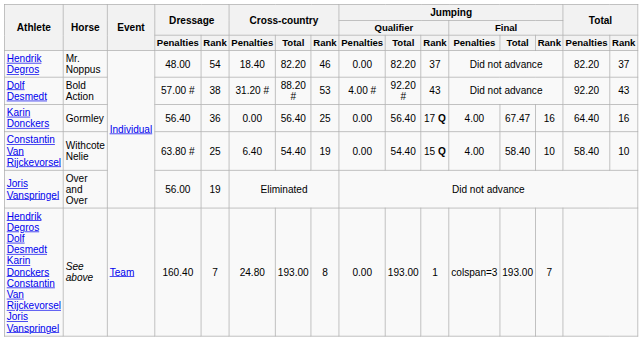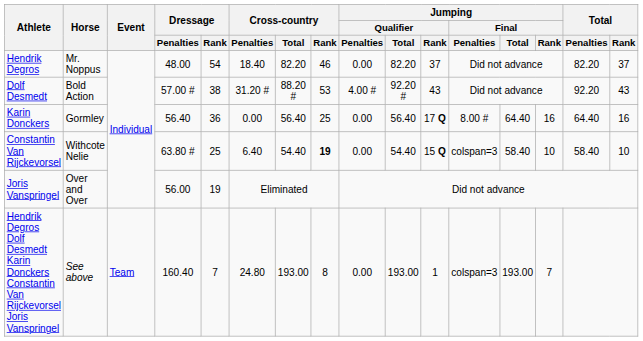 <table class=wikitable style="font-size:90%">
 <tr>
 <th rowspan="3">Athlete</th>
 <th rowspan="3">Horse</th>
 <th rowspan="3">Event</th>
 <th colspan="2" rowspan="2">Dressage</th>
 <th colspan="3" rowspan="2">Cross-country</th>
 <th colspan="6">Jumping</th>
 <th colspan="2" rowspan="2">Total</th>
 </tr>
 <tr style="font-size:95%">
 <th colspan="3">Qualifier</th>
 <th colspan="3">Final</th>
 </tr>
 <tr style="font-size:95%">
 <th>Penalties</th>
 <th>Rank</th>
 <th>Penalties</th>
 <th>Total</th>
 <th>Rank</th>
 <th>Penalties</th>
 <th>Total</th>
 <th>Rank</th>
 <th>Penalties</th>
 <th>Total</th>
 <th>Rank</th>
 <th>Penalties</th>
 <th>Rank</th>
 </tr>
 <tr align=center>
 <td align=left><a href='#'>Hendrik Degros</a></td>
 <td align=left>Mr. Noppus</td>
 <td align=left rowspan=5><a href='#'>Individual</a></td>
 <td>48.00</td>
 <td>54</td>
 <td>18.40</td>
 <td>82.20</td>
 <td>46</td>
 <td>0.00</td>
 <td>82.20</td>
 <td>37</td>
 <td colspan=3>Did not advance</td>
 <td>82.20</td>
 <td>37</td>
 </tr>
 <tr align=center>
 <td align=left><a href='#'>Dolf Desmedt</a></td>
 <td align=left>Bold Action</td>
 <td>57.00 #</td>
 <td>38</td>
 <td>31.20 #</td>
 <td>88.20 #</td>
 <td>53</td>
 <td>4.00 #</td>
 <td>92.20 #</td>
 <td>43</td>
 <td colspan=3>Did not advance</td>
 <td>92.20</td>
 <td>43</td>
 </tr>
 <tr align=center>
 <td align=left><a href='#'>Karin Donckers</a></td>
 <td align=left>Gormley</td>
 <td>56.40</td>
 <td>36</td>
 <td>0.00</td>
 <td>56.40</td>
 <td>25</td>
 <td>0.00</td>
 <td>56.40</td>
 <td>17 <strong>Q</strong></td>
-<td>4.00</td>
-<td>67.47</td>
+<td>8.00 #</td>
+<td>64.40</td>
 <td>16</td>
 <td>64.40</td>
 <td>16</td>
 </tr>
 <tr align=center>
 <td align=left><a href='#'>Constantin Van Rijckevorsel</a></td>
 <td align=left>Withcote Nelie</td>
 <td>63.80 #</td>
 <td>25</td>
 <td>6.40</td>
 <td>54.40</td>
-<td>19</td>
+<td><strong>19</strong></td>
 <td>0.00</td>
 <td>54.40</td>
 <td>15 <strong>Q</strong></td>
-<td>4.00</td>
+<td>colspan=3 </td>
 <td>58.40</td>
 <td>10</td>
 <td>58.40</td>
 <td>10</td>
 </tr>
 <tr align=center>
 <td align=left><a href='#'>Joris Vanspringel</a></td>
 <td align=left>Over and Over</td>
 <td>56.00</td>
 <td>19</td>
 <td colspan=3>Eliminated</td>
 <td colspan=8>Did not advance</td>
 </tr>
 <tr align=center>
 <td align=left><a href='#'>Hendrik Degros</a><br><a href='#'>Dolf Desmedt</a><br><a href='#'>Karin Donckers</a><br><a href='#'>Constantin Van Rijckevorsel</a><br><a href='#'>Joris Vanspringel</a></td>
 <td align=left><em>See above</em></td>
 <td align=left><a href='#'>Team</a></td>
 <td>160.40</td>
 <td>7</td>
 <td>24.80</td>
 <td>193.00</td>
 <td>8</td>
 <td>0.00</td>
 <td>193.00</td>
 <td>1</td>
 <td>colspan=3 </td>
 <td>193.00</td>
 <td>7</td>
 </tr>
 </table>
